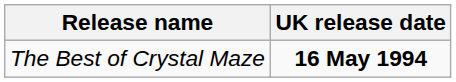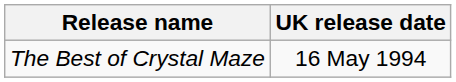 <table class="wikitable">
 <tr>
 <th>Release name</th>
 <th>UK release date</th>
 </tr>
 <tr style="text-align:center;">
 <td><em> The Best of Crystal Maze</em></td>
-<td><strong>16 May 1994</strong></td>
+<td>16 May 1994</td>
 </tr>
 </table>
